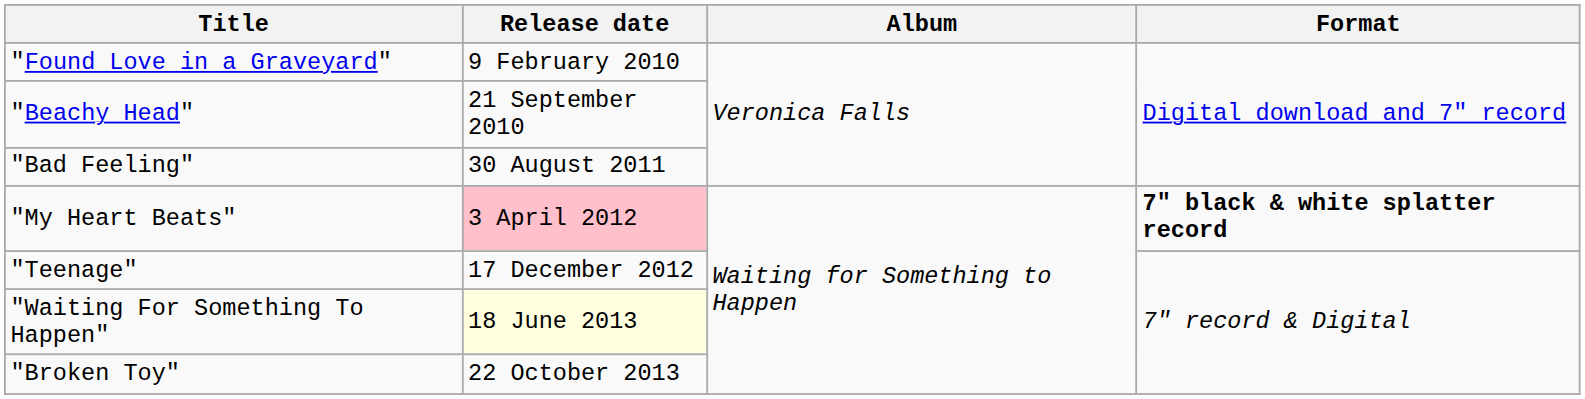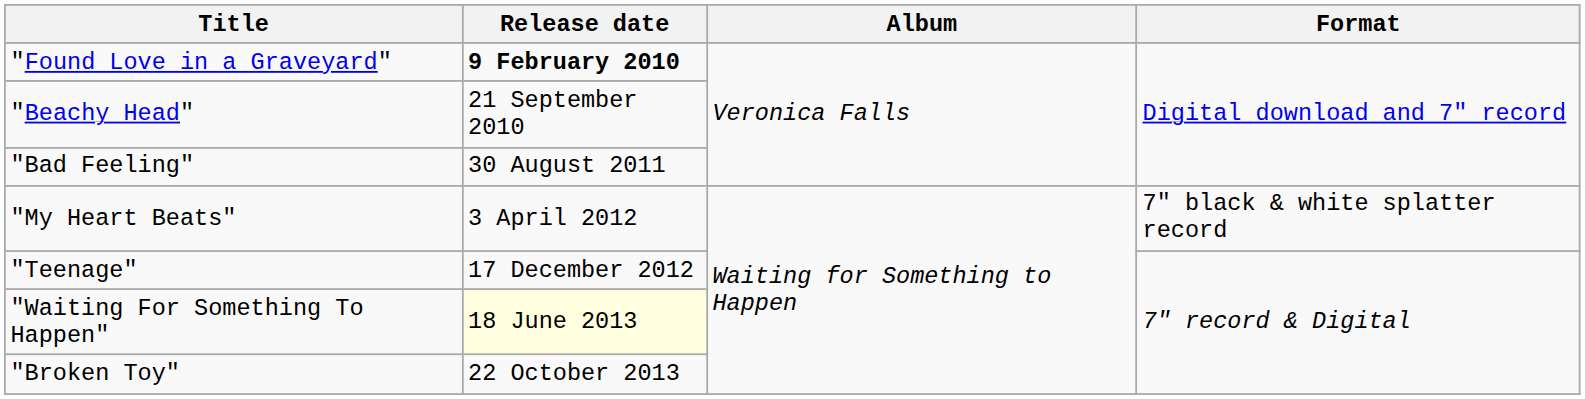 <table class="wikitable">
 <tr>
 <th>Title</th>
 <th>Release date</th>
 <th>Album</th>
 <th>Format</th>
 </tr>
 <tr>
 <td>"<a href='#'>Found Love in a Graveyard</a>"</td>
-<td>9 February 2010</td>
+<td><strong>9 February 2010</strong></td>
 <td rowspan="3"><em>Veronica Falls</em></td>
 <td rowspan="3"><a href='#'>Digital download and 7" record</a></td>
 </tr>
 <tr>
 <td>"<a href='#'>Beachy Head</a>"</td>
 <td>21 September 2010</td>
 </tr>
 <tr>
 <td>"Bad Feeling"</td>
 <td>30 August 2011</td>
 </tr>
 <tr>
 <td>"My Heart Beats"</td>
-<td style="background: pink;">3 April 2012</td>
+<td>3 April 2012</td>
 <td rowspan="4"><em>Waiting for Something to Happen</em></td>
-<td><strong>7" black & white splatter record</strong></td>
+<td>7" black & white splatter record</td>
 </tr>
 <tr>
 <td>"Teenage"</td>
 <td>17 December 2012</td>
 <td rowspan="3"><em>7" record & Digital</em></td>
 </tr>
 <tr>
 <td>"Waiting For Something To Happen"</td>
 <td style="background: lightyellow;">18 June 2013</td>
 </tr>
 <tr>
 <td>"Broken Toy"</td>
 <td>22 October 2013</td>
 </tr>
 </table>
